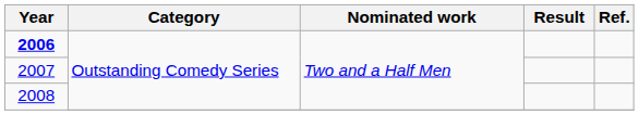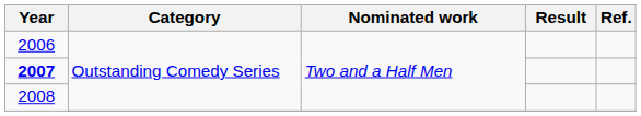 <table class=wikitable>
 <tr>
 <th scope="col" style="width:5em;">Year</th>
 <th scope="col" style="width:26em;">Category</th>
 <th scope="col" style="width:25em;">Nominated work</th>
 <th scope="col" style="width:5em;">Result</th>
 <th>Ref.</th>
 </tr>
 <tr>
-<td style="text-align:center;"><strong><a href='#'>2006</a></strong></td>
+<td style="text-align:center;"><a href='#'>2006</a></td>
 <td rowspan=3><a href='#'>Outstanding Comedy Series</a></td>
 <td rowspan=3><em><a href='#'>Two and a Half Men</a></em></td>
 <td></td>
 <td></td>
 </tr>
 <tr>
-<td style="text-align:center;"><a href='#'>2007</a></td>
+<td style="text-align:center;"><strong><a href='#'>2007</a></strong></td>
 <td></td>
 <td></td>
 </tr>
 <tr>
 <td style="text-align:center;", rowspan=2><a href='#'>2008</a></td>
 <td></td>
 <td></td>
 </tr>
 <tr>
 </tr>
 </table>
